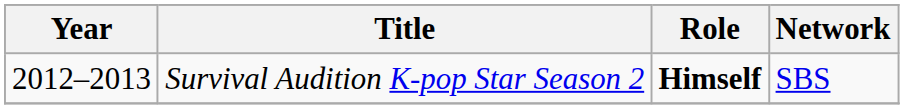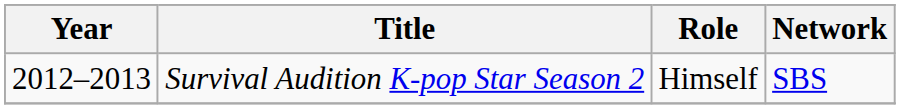 <table class="wikitable">
 <tr>
 <th><strong>Year</strong></th>
 <th><strong>Title</strong></th>
 <th><strong>Role</strong></th>
 <th><strong>Network</strong></th>
 </tr>
 <tr>
 <td>2012–2013</td>
 <td><em>Survival Audition <a href='#'>K-pop Star Season 2</a></em></td>
-<td><strong>Himself</strong></td>
+<td>Himself</td>
 <td><a href='#'>SBS</a></td>
 </tr>
 <tr>
 </tr>
 </table>
